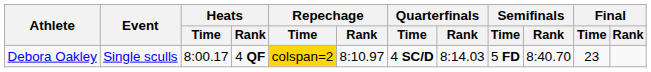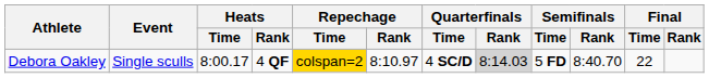 <table class="wikitable" style="font-size:90%">
 <tr>
 <th rowspan="2">Athlete</th>
 <th rowspan="2">Event</th>
 <th colspan="2">Heats</th>
 <th colspan="2">Repechage</th>
 <th colspan=2>Quarterfinals</th>
 <th colspan="2">Semifinals</th>
 <th colspan="2">Final</th>
 </tr>
 <tr style="font-size:95%">
 <th>Time</th>
 <th>Rank</th>
 <th>Time</th>
 <th>Rank</th>
 <th>Time</th>
 <th>Rank</th>
 <th>Time</th>
 <th>Rank</th>
 <th>Time</th>
 <th>Rank</th>
 </tr>
 <tr align=center>
 <td align=left><a href='#'>Debora Oakley</a></td>
 <td align=left><a href='#'>Single sculls</a></td>
 <td>8:00.17</td>
 <td>4 <strong>QF</strong></td>
 <td style="background: gold;">colspan=2 </td>
 <td>8:10.97</td>
 <td>4 <strong>SC/D</strong></td>
-<td>8:14.03</td>
+<td style="background: lightgrey;">8:14.03</td>
 <td>5 <strong>FD</strong></td>
 <td>8:40.70</td>
-<td>23</td>
+<td>22</td>
 </tr>
 </table>
